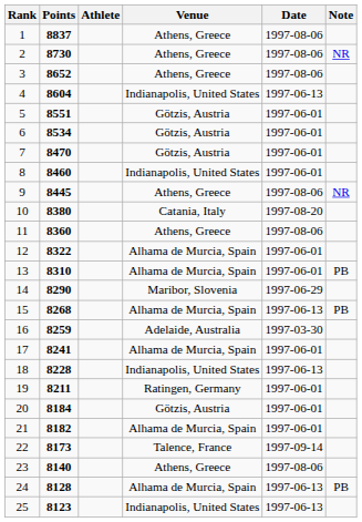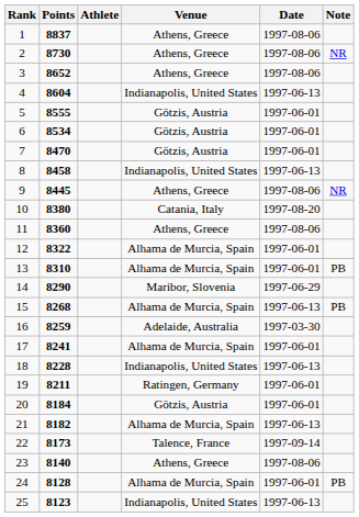 <table class="wikitable" style=" text-align:center;">
 <tr>
 <th>Rank</th>
 <th>Points</th>
 <th>Athlete</th>
 <th>Venue</th>
 <th>Date</th>
 <th>Note</th>
 </tr>
 <tr>
 <td>1</td>
 <td><strong>8837</strong></td>
 <td align=left></td>
 <td>Athens, Greece</td>
 <td>1997-08-06</td>
 <td></td>
 </tr>
 <tr>
 <td>2</td>
 <td><strong>8730</strong></td>
 <td align=left></td>
 <td>Athens, Greece</td>
 <td>1997-08-06</td>
 <td><a href='#'>NR</a></td>
 </tr>
 <tr>
 <td>3</td>
 <td><strong>8652</strong></td>
 <td align=left></td>
 <td>Athens, Greece</td>
 <td>1997-08-06</td>
 <td></td>
 </tr>
 <tr>
 <td>4</td>
 <td><strong>8604</strong></td>
 <td align=left></td>
 <td>Indianapolis, United States</td>
 <td>1997-06-13</td>
 <td></td>
 </tr>
 <tr>
 <td>5</td>
-<td><strong>8551</strong></td>
+<td><strong>8555</strong></td>
 <td align=left></td>
 <td>Götzis, Austria</td>
 <td>1997-06-01</td>
 <td></td>
 </tr>
 <tr>
 <td>6</td>
 <td><strong>8534</strong></td>
 <td align=left></td>
 <td>Götzis, Austria</td>
 <td>1997-06-01</td>
 <td></td>
 </tr>
 <tr>
 <td>7</td>
 <td><strong>8470</strong></td>
 <td align=left></td>
 <td>Götzis, Austria</td>
 <td>1997-06-01</td>
 <td></td>
 </tr>
 <tr>
 <td>8</td>
-<td><strong>8460</strong></td>
+<td><strong>8458</strong></td>
 <td align=left></td>
 <td>Indianapolis, United States</td>
-<td>1997-06-01</td>
+<td>1997-06-13</td>
 <td></td>
 </tr>
 <tr>
 <td>9</td>
 <td><strong>8445</strong></td>
 <td align=left></td>
 <td>Athens, Greece</td>
 <td>1997-08-06</td>
 <td><a href='#'>NR</a></td>
 </tr>
 <tr>
 <td>10</td>
 <td><strong>8380</strong></td>
 <td align=left></td>
 <td>Catania, Italy</td>
 <td>1997-08-20</td>
 <td></td>
 </tr>
 <tr>
 <td>11</td>
 <td><strong>8360</strong></td>
 <td align=left></td>
 <td>Athens, Greece</td>
 <td>1997-08-06</td>
 <td></td>
 </tr>
 <tr>
 <td>12</td>
 <td><strong>8322</strong></td>
 <td align=left></td>
 <td>Alhama de Murcia, Spain</td>
 <td>1997-06-01</td>
 <td></td>
 </tr>
 <tr>
 <td>13</td>
 <td><strong>8310</strong></td>
 <td align=left></td>
 <td>Alhama de Murcia, Spain</td>
 <td>1997-06-01</td>
 <td>PB</td>
 </tr>
 <tr>
 <td>14</td>
 <td><strong>8290</strong></td>
 <td align=left></td>
 <td>Maribor, Slovenia</td>
 <td>1997-06-29</td>
 <td></td>
 </tr>
 <tr>
 <td>15</td>
 <td><strong>8268</strong></td>
 <td align=left></td>
 <td>Alhama de Murcia, Spain</td>
 <td>1997-06-13</td>
 <td>PB</td>
 </tr>
 <tr>
 <td>16</td>
 <td><strong>8259</strong></td>
 <td align=left></td>
 <td>Adelaide, Australia</td>
 <td>1997-03-30</td>
 <td></td>
 </tr>
 <tr>
 <td>17</td>
 <td><strong>8241</strong></td>
 <td align=left></td>
 <td>Alhama de Murcia, Spain</td>
 <td>1997-06-01</td>
 <td></td>
 </tr>
 <tr>
 <td>18</td>
 <td><strong>8228</strong></td>
 <td align=left></td>
 <td>Indianapolis, United States</td>
 <td>1997-06-13</td>
 <td></td>
 </tr>
 <tr>
 <td>19</td>
 <td><strong>8211</strong></td>
 <td align=left></td>
 <td>Ratingen, Germany</td>
 <td>1997-06-01</td>
 <td></td>
 </tr>
 <tr>
 <td>20</td>
 <td><strong>8184</strong></td>
 <td align=left></td>
 <td>Götzis, Austria</td>
 <td>1997-06-01</td>
 <td></td>
 </tr>
 <tr>
 <td>21</td>
 <td><strong>8182</strong></td>
 <td align=left></td>
 <td>Alhama de Murcia, Spain</td>
-<td>1997-06-01</td>
+<td>1997-06-13</td>
 <td></td>
 </tr>
 <tr>
 <td>22</td>
 <td><strong>8173</strong></td>
 <td align=left></td>
 <td>Talence, France</td>
 <td>1997-09-14</td>
 <td></td>
 </tr>
 <tr>
 <td>23</td>
 <td><strong>8140</strong></td>
 <td align=left></td>
 <td>Athens, Greece</td>
 <td>1997-08-06</td>
 <td></td>
 </tr>
 <tr>
 <td>24</td>
 <td><strong>8128</strong></td>
 <td align=left></td>
 <td>Alhama de Murcia, Spain</td>
-<td>1997-06-13</td>
+<td>1997-06-01</td>
 <td>PB</td>
 </tr>
 <tr>
 <td>25</td>
 <td><strong>8123</strong></td>
 <td align=left></td>
 <td>Indianapolis, United States</td>
 <td>1997-06-13</td>
 <td></td>
 </tr>
 </table>
